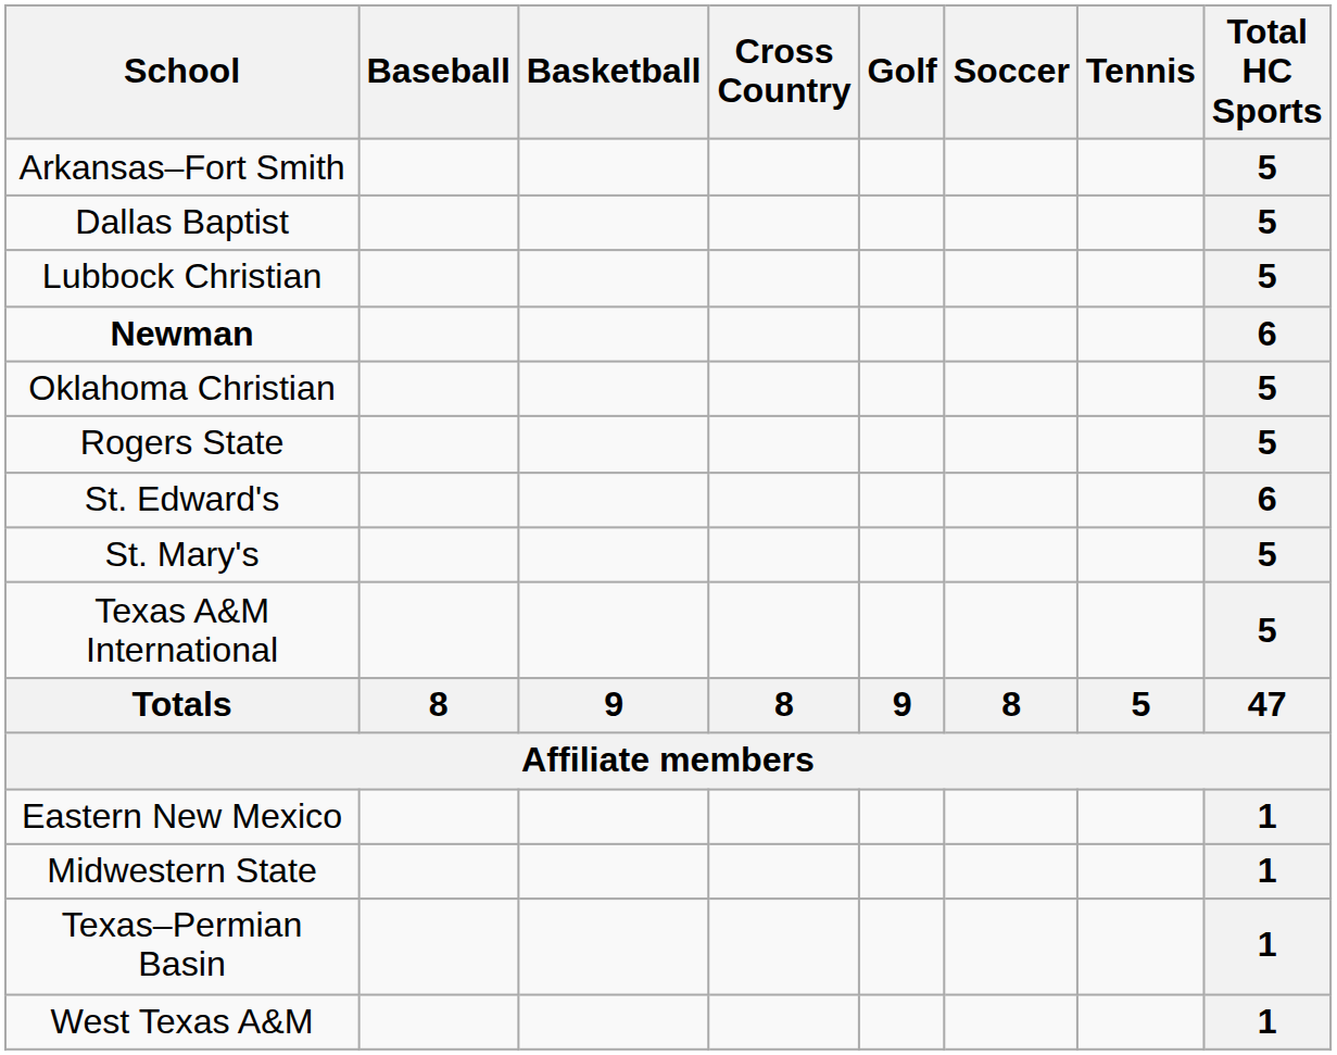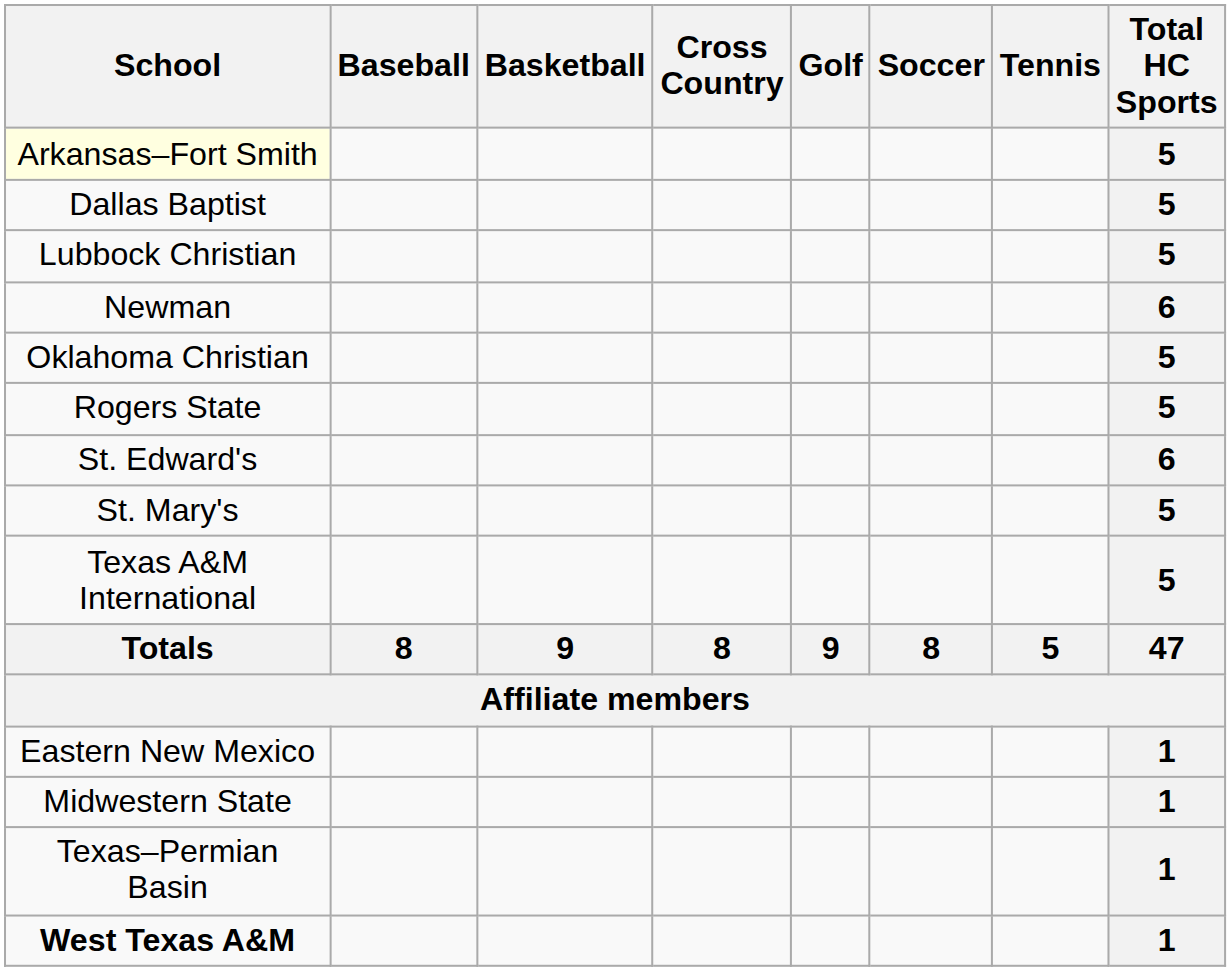 <table class="wikitable" style="text-align:center">
 <tr>
 <th>School</th>
 <th>Baseball</th>
 <th>Basketball</th>
 <th>Cross<br>Country</th>
 <th>Golf</th>
 <th>Soccer</th>
 <th>Tennis</th>
 <th>Total<br>HC<br>Sports</th>
 </tr>
 <tr>
-<td>Arkansas–Fort Smith</td>
+<td style="background: lightyellow;">Arkansas–Fort Smith</td>
 <td></td>
 <td></td>
 <td></td>
 <td></td>
 <td></td>
 <td></td>
 <th>5</th>
 </tr>
 <tr>
 <td>Dallas Baptist</td>
 <td></td>
 <td></td>
 <td></td>
 <td></td>
 <td></td>
 <td></td>
 <th>5</th>
 </tr>
 <tr>
 <td>Lubbock Christian</td>
 <td></td>
 <td></td>
 <td></td>
 <td></td>
 <td></td>
 <td></td>
 <th>5</th>
 </tr>
 <tr>
-<td><strong>Newman</strong></td>
+<td>Newman</td>
 <td></td>
 <td></td>
 <td></td>
 <td></td>
 <td></td>
 <td></td>
 <th>6</th>
 </tr>
 <tr>
 <td>Oklahoma Christian</td>
 <td></td>
 <td></td>
 <td></td>
 <td></td>
 <td></td>
 <td></td>
 <th>5</th>
 </tr>
 <tr>
 <td>Rogers State</td>
 <td></td>
 <td></td>
 <td></td>
 <td></td>
 <td></td>
 <td></td>
 <th>5</th>
 </tr>
 <tr>
 <td>St. Edward's</td>
 <td></td>
 <td></td>
 <td></td>
 <td></td>
 <td></td>
 <td></td>
 <th>6</th>
 </tr>
 <tr>
 <td>St. Mary's</td>
 <td></td>
 <td></td>
 <td></td>
 <td></td>
 <td></td>
 <td></td>
 <th>5</th>
 </tr>
 <tr>
 <td>Texas A&M International</td>
 <td></td>
 <td></td>
 <td></td>
 <td></td>
 <td></td>
 <td></td>
 <th>5</th>
 </tr>
 <tr>
 <th>Totals</th>
 <th>8</th>
 <th>9</th>
 <th>8</th>
 <th>9</th>
 <th>8</th>
 <th>5</th>
 <th>47</th>
 </tr>
 <tr>
 <th colspan=8>Affiliate members</th>
 </tr>
 <tr>
 <td>Eastern New Mexico</td>
 <td></td>
 <td></td>
 <td></td>
 <td></td>
 <td></td>
 <td></td>
 <th>1</th>
 </tr>
 <tr>
 <td>Midwestern State</td>
 <td></td>
 <td></td>
 <td></td>
 <td></td>
 <td></td>
 <td></td>
 <th>1</th>
 </tr>
 <tr>
 <td>Texas–Permian Basin</td>
 <td></td>
 <td></td>
 <td></td>
 <td></td>
 <td></td>
 <td></td>
 <th>1</th>
 </tr>
 <tr>
-<td>West Texas A&M</td>
+<td><strong>West Texas A&M</strong></td>
 <td></td>
 <td></td>
 <td></td>
 <td></td>
 <td></td>
 <td></td>
 <th>1</th>
 </tr>
 </table>
